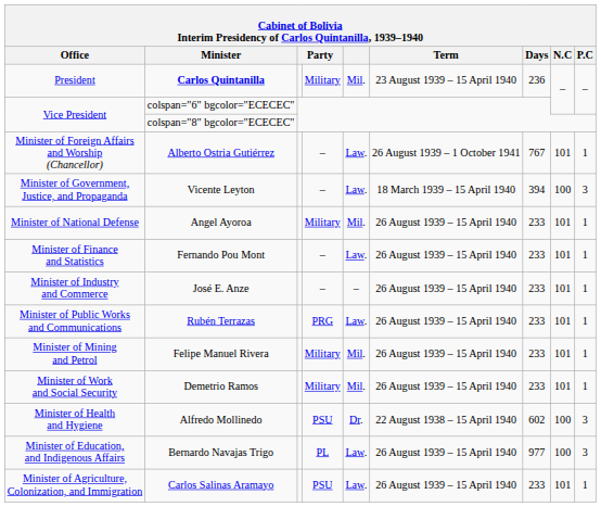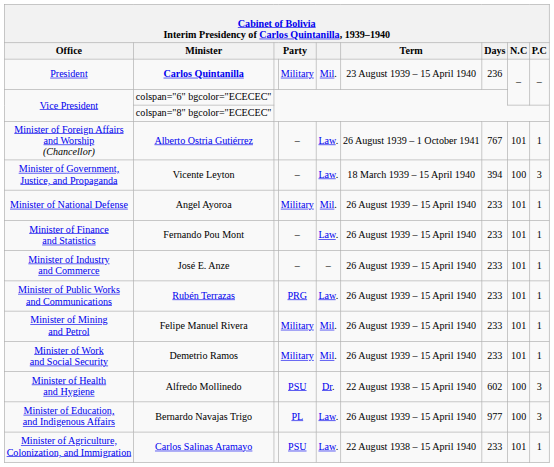 <table class="wikitable" style="text-align:center;">
 <tr>
 <th colspan="9" style="background-color:"><br><a href='#'>Cabinet of Bolivia</a><br>Interim Presidency of <a href='#'>Carlos Quintanilla</a>, 1939–1940</th>
 </tr>
 <tr style="font-weight:bold;">
 <th>Office</th>
 <th>Minister</th>
 <th colspan="2">Party</th>
 <th></th>
 <th>Term</th>
 <th>Days</th>
 <th>N.C</th>
 <th>P.C<br></th>
 </tr>
 <tr style="height:3em;">
 <td><a href='#'>President</a></td>
 <td><strong><a href='#'>Carlos Quintanilla</a></strong></td>
 <td style="background:"></td>
 <td><a href='#'>Military</a></td>
 <td><a href='#'>Mil</a>.</td>
 <td>23 August 1939 – 15 April 1940</td>
 <td>236</td>
 <td rowspan="2">–</td>
 <td rowspan="2">–<br></td>
 </tr>
 <tr>
 <td rowspan="2"><a href='#'>Vice President</a></td>
 <td>colspan="6" bgcolor="ECECEC" </td>
 </tr>
 <tr>
 <td>colspan="8" bgcolor="ECECEC" <br></td>
 </tr>
 <tr style="height:3em;">
 <td><a href='#'>Minister of Foreign Affairs<br>and Worship</a><br><em>(Chancellor)</em></td>
 <td><a href='#'>Alberto Ostria Gutiérrez</a></td>
 <td style="background:"></td>
 <td>–</td>
 <td><a href='#'>Law</a>.</td>
 <td>26 August 1939 – 1 October 1941</td>
 <td>767</td>
 <td>101</td>
 <td>1<br></td>
 </tr>
 <tr style="height:3em;">
 <td><a href='#'>Minister of Government,<br>Justice, and Propaganda</a></td>
 <td>Vicente Leyton</td>
 <td style="background:"></td>
 <td>–</td>
 <td><a href='#'>Law</a>.</td>
 <td>18 March 1939 – 15 April 1940</td>
 <td>394</td>
 <td>100</td>
 <td>3<br></td>
 </tr>
 <tr style="height:3em;">
 <td><a href='#'>Minister of National Defense</a></td>
 <td>Angel Ayoroa</td>
 <td style="background:"></td>
 <td><a href='#'>Military</a></td>
 <td><a href='#'>Mil</a>.</td>
 <td>26 August 1939 – 15 April 1940</td>
 <td>233</td>
 <td>101</td>
 <td>1<br></td>
 </tr>
 <tr style="height:3em;">
 <td><a href='#'>Minister of Finance<br>and Statistics</a></td>
 <td>Fernando Pou Mont</td>
 <td style="background:"></td>
 <td>–</td>
 <td><a href='#'>Law</a>.</td>
 <td>26 August 1939 – 15 April 1940</td>
 <td>233</td>
 <td>101</td>
 <td>1<br></td>
 </tr>
 <tr style="height:3em;">
 <td><a href='#'>Minister of Industry<br>and Commerce</a></td>
 <td>José E. Anze</td>
 <td style="background:"></td>
 <td>–</td>
 <td>–</td>
 <td>26 August 1939 – 15 April 1940</td>
 <td>233</td>
 <td>101</td>
 <td>1<br></td>
 </tr>
 <tr style="height:3em;">
 <td><a href='#'>Minister of Public Works<br>and Communications</a></td>
 <td><a href='#'>Rubén Terrazas</a></td>
 <td style="background:"></td>
 <td><a href='#'>PRG</a></td>
 <td><a href='#'>Law</a>.</td>
 <td>26 August 1939 – 15 April 1940</td>
 <td>233</td>
 <td>101</td>
 <td>1<br></td>
 </tr>
 <tr style="height:3em;">
 <td><a href='#'>Minister of Mining<br>and Petrol</a></td>
 <td>Felipe Manuel Rivera</td>
 <td style="background:"></td>
 <td><a href='#'>Military</a></td>
 <td><a href='#'>Mil</a>.</td>
 <td>26 August 1939 – 15 April 1940</td>
 <td>233</td>
 <td>101</td>
 <td>1<br></td>
 </tr>
 <tr style="height:3em;">
 <td><a href='#'>Minister of Work<br>and Social Security</a></td>
 <td>Demetrio Ramos</td>
 <td style="background:"></td>
 <td><a href='#'>Military</a></td>
 <td><a href='#'>Mil</a>.</td>
 <td>26 August 1939 – 15 April 1940</td>
 <td>233</td>
 <td>101</td>
 <td>1<br></td>
 </tr>
 <tr style="height:3em;">
 <td><a href='#'>Minister of Health<br>and Hygiene</a></td>
 <td>Alfredo Mollinedo</td>
 <td style="background:"></td>
 <td><a href='#'>PSU</a></td>
 <td><a href='#'>Dr</a>.</td>
 <td>22 August 1938 – 15 April 1940</td>
 <td>602</td>
 <td>100</td>
 <td>3<br></td>
 </tr>
 <tr style="height:3em;">
 <td><a href='#'>Minister of Education,<br>and Indigenous Affairs</a></td>
 <td>Bernardo Navajas Trigo</td>
 <td style="background:"></td>
 <td><a href='#'>PL</a></td>
 <td><a href='#'>Law</a>.</td>
 <td>26 August 1939 – 15 April 1940</td>
 <td>977</td>
 <td>100</td>
 <td>3<br></td>
 </tr>
 <tr style="height:3em;">
 <td><a href='#'>Minister of Agriculture,<br>Colonization, and Immigration</a></td>
 <td><a href='#'>Carlos Salinas Aramayo</a></td>
 <td style="background:"></td>
 <td><a href='#'>PSU</a></td>
 <td><a href='#'>Law</a>.</td>
-<td>26 August 1939 – 15 April 1940</td>
+<td>22 August 1938 – 15 April 1940</td>
 <td>233</td>
 <td>101</td>
 <td>1</td>
 </tr>
 </table>
